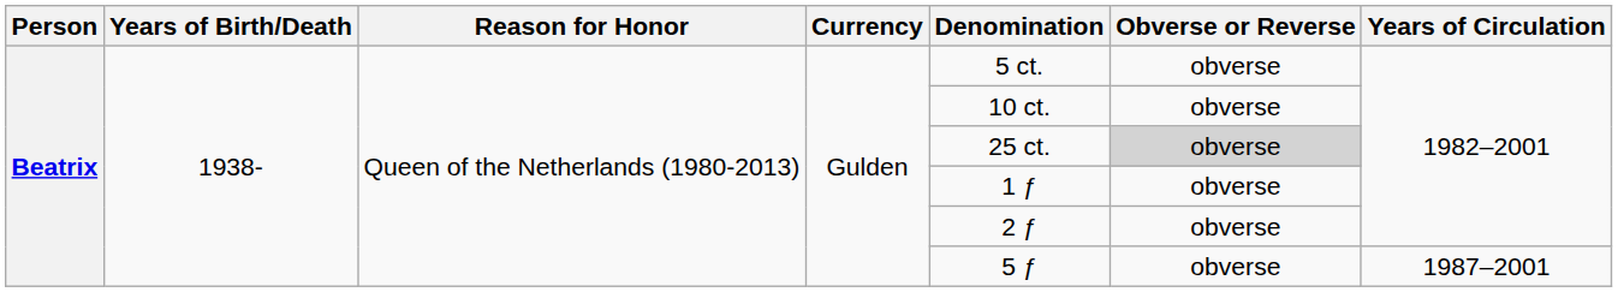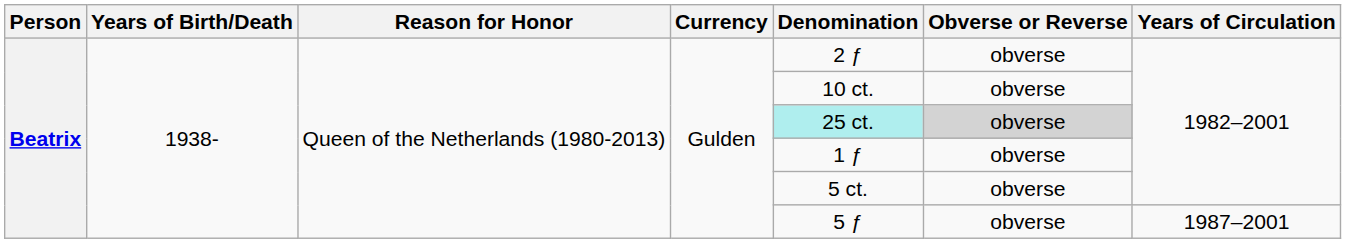 <table class="wikitable" style="font-size:95%; text-align:center;">
 <tr>
 <th>Person</th>
 <th>Years of Birth/Death</th>
 <th>Reason for Honor</th>
 <th>Currency</th>
 <th>Denomination</th>
 <th>Obverse or Reverse</th>
 <th>Years of Circulation</th>
 </tr>
 <tr>
 <th rowspan="6"><a href='#'>Beatrix</a></th>
 <td rowspan="6">1938-</td>
 <td rowspan="6">Queen of the Netherlands (1980-2013)</td>
 <td rowspan="6">Gulden</td>
-<td>5 ct.</td>
+<td>2<small></small> ƒ</td>
 <td>obverse</td>
 <td rowspan="5">1982–2001</td>
 </tr>
 <tr>
 <td>10 ct.</td>
 <td>obverse</td>
 </tr>
 <tr>
-<td>25 ct.</td>
+<td style="background: paleturquoise;">25 ct.</td>
 <td style="background: lightgrey;">obverse</td>
 </tr>
 <tr>
 <td>1 ƒ</td>
 <td>obverse</td>
 </tr>
 <tr>
-<td>2<small></small> ƒ</td>
+<td>5 ct.</td>
 <td>obverse</td>
 </tr>
 <tr>
 <td>5 ƒ</td>
 <td>obverse</td>
 <td>1987–2001</td>
 </tr>
 </table>
